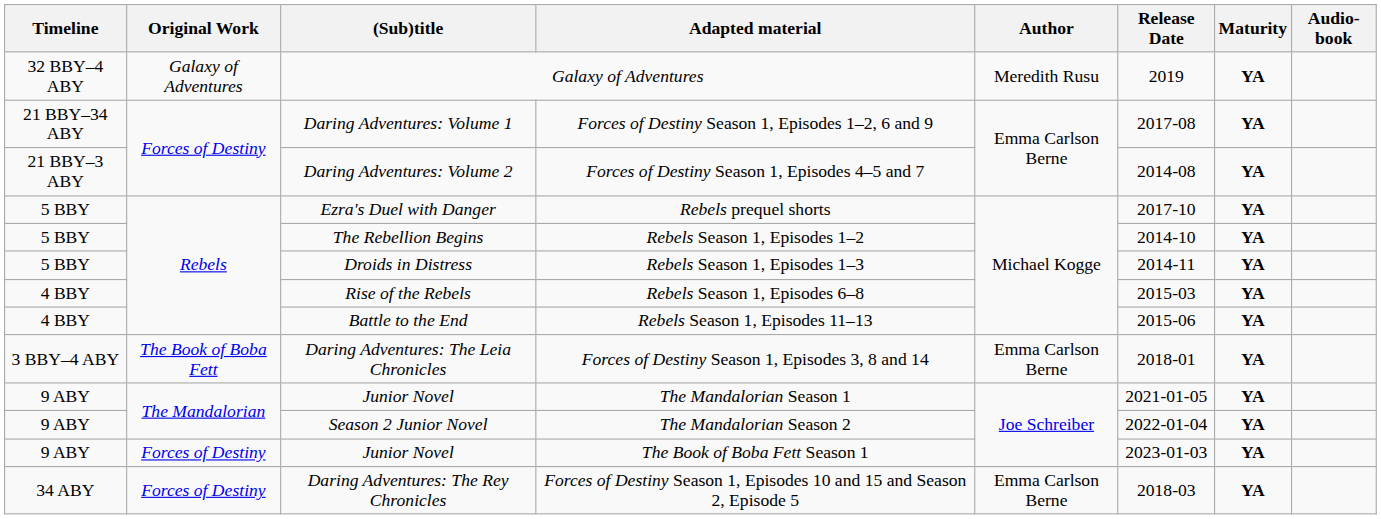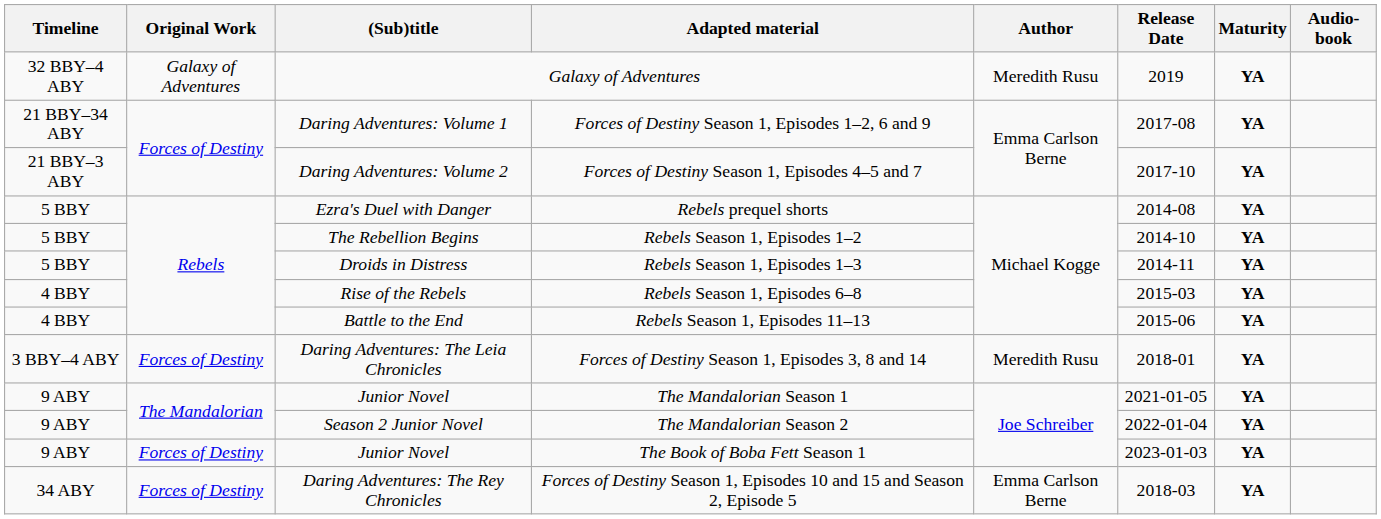 <table class="wikitable sortable" style="text-align: center">
 <tr>
 <th>Timeline</th>
 <th>Original Work</th>
 <th>(Sub)title</th>
 <th>Adapted material</th>
 <th>Author</th>
 <th>Release Date</th>
 <th>Maturity</th>
 <th>Audio­book</th>
 </tr>
 <tr>
 <td data-sort-value="-32">32 BBY–4 ABY</td>
 <td><em>Galaxy of Adventures</em></td>
 <td colspan="2"><em>Galaxy of Adventures</em></td>
 <td>Meredith Rusu</td>
 <td>2019</td>
 <td><strong>YA</strong></td>
 <td></td>
 </tr>
 <tr>
 <td data-sort-value="-21.99">21 BBY–34 ABY</td>
 <td rowspan="2"><em><a href='#'>Forces of Destiny</a></em></td>
 <td><em>Daring Adventures: Volume 1</em></td>
 <td><em>Forces of Destiny</em> Season 1, Episodes 1–2, 6 and 9</td>
 <td rowspan="2">Emma Carlson Berne</td>
 <td>2017-08</td>
 <td><strong>YA</strong></td>
 <td></td>
 </tr>
 <tr>
 <td data-sort-value="-21.98">21 BBY–3 ABY</td>
 <td><em>Daring Adventures: Volume 2</em></td>
 <td><em>Forces of Destiny</em> Season 1, Episodes 4–5 and 7</td>
-<td>2014-08</td>
+<td>2017-10</td>
 <td><strong>YA</strong></td>
 <td></td>
 </tr>
 <tr>
 <td data-sort-value="-5.99">5 BBY</td>
 <td rowspan="5"><em><a href='#'>Rebels</a></em></td>
 <td><em>Ezra's Duel with Danger</em></td>
 <td><em>Rebels</em> prequel shorts</td>
 <td rowspan="5">Michael Kogge</td>
-<td>2017-10</td>
+<td>2014-08</td>
 <td><strong>YA</strong></td>
 <td></td>
 </tr>
 <tr>
 <td data-sort-value="-5.98">5 BBY</td>
 <td><em>The Rebellion Begins</em></td>
 <td><em>Rebels</em> Season 1, Episodes 1–2</td>
 <td>2014-10</td>
 <td><strong>YA</strong></td>
 <td></td>
 </tr>
 <tr>
 <td data-sort-value="-5.97">5 BBY</td>
 <td><em>Droids in Distress</em></td>
 <td><em>Rebels</em> Season 1, Episodes 1–3</td>
 <td>2014-11</td>
 <td><strong>YA</strong></td>
 <td></td>
 </tr>
 <tr>
 <td data-sort-value="-4.99">4 BBY</td>
 <td><em>Rise of the Rebels</em></td>
 <td><em>Rebels</em> Season 1, Episodes 6–8</td>
 <td>2015-03</td>
 <td><strong>YA</strong></td>
 <td></td>
 </tr>
 <tr>
 <td data-sort-value="-4.98">4 BBY</td>
 <td><em>Battle to the End</em></td>
 <td><em>Rebels</em> Season 1, Episodes 11–13</td>
 <td>2015-06</td>
 <td><strong>YA</strong></td>
 <td></td>
 </tr>
 <tr>
 <td data-sort-value="-3">3 BBY–4 ABY</td>
-<td><em><a href='#'>The Book of Boba Fett</a></em></td>
+<td><em><a href='#'>Forces of Destiny</a></em></td>
 <td><em>Daring Adventures: The Leia Chronicles</em></td>
 <td><em>Forces of Destiny</em> Season 1, Episodes 3, 8 and 14</td>
-<td>Emma Carlson Berne</td>
+<td>Meredith Rusu</td>
 <td>2018-01</td>
 <td><strong>YA</strong></td>
 <td></td>
 </tr>
 <tr>
 <td data-sort-value="9">9 ABY</td>
 <td rowspan="2"><em><a href='#'>The Mandalorian</a></em></td>
 <td><em>Junior Novel</em></td>
 <td><em>The Mandalorian</em> Season 1</td>
 <td rowspan="3"><a href='#'>Joe Schreiber</a></td>
 <td>2021-01-05</td>
 <td><strong>YA</strong></td>
 <td></td>
 </tr>
 <tr>
 <td data-sort-value="9.1">9 ABY</td>
 <td><em>Season 2 Junior Novel</em></td>
 <td><em>The Mandalorian</em> Season 2</td>
 <td>2022-01-04</td>
 <td><strong>YA</strong></td>
 <td></td>
 </tr>
 <tr>
 <td data-sort-value="9.2">9 ABY</td>
 <td><em><a href='#'>Forces of Destiny</a></em></td>
 <td><em>Junior Novel</em></td>
 <td><em>The Book of Boba Fett</em> Season 1</td>
 <td>2023-01-03</td>
 <td><strong>YA</strong></td>
 <td></td>
 </tr>
 <tr>
 <td data-sort-value="34">34 ABY</td>
 <td><em><a href='#'>Forces of Destiny</a></em></td>
 <td><em>Daring Adventures: The Rey Chronicles</em></td>
 <td><em>Forces of Destiny</em> Season 1, Episodes 10 and 15 and Season 2, Episode 5</td>
 <td>Emma Carlson Berne</td>
 <td>2018-03</td>
 <td><strong>YA</strong></td>
 <td></td>
 </tr>
 </table>
